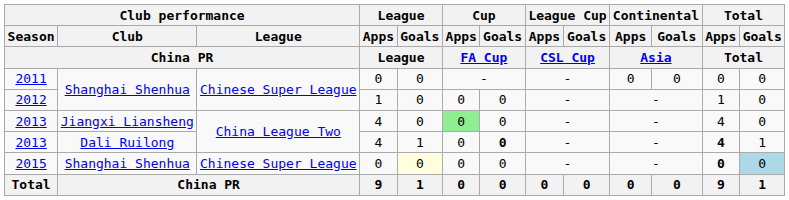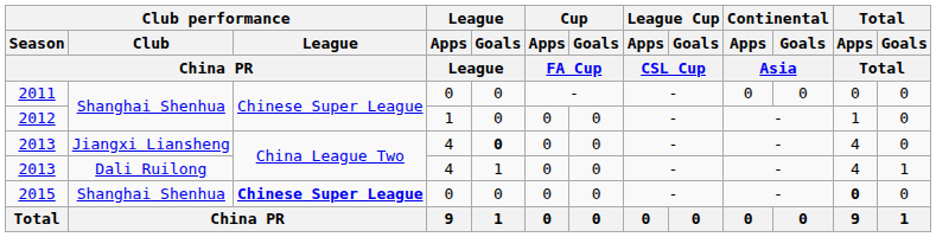 <table class="wikitable" style="text-align:center">
 <tr>
 <th colspan=3>Club performance</th>
 <th colspan=2>League</th>
 <th colspan=2>Cup</th>
 <th colspan=2>League Cup</th>
 <th colspan=2>Continental</th>
 <th colspan=2>Total</th>
 </tr>
 <tr>
 <th>Season</th>
 <th>Club</th>
 <th>League</th>
 <th>Apps</th>
 <th>Goals</th>
 <th>Apps</th>
 <th>Goals</th>
 <th>Apps</th>
 <th>Goals</th>
 <th>Apps</th>
 <th>Goals</th>
 <th>Apps</th>
 <th>Goals</th>
 </tr>
 <tr>
 </tr>
 <tr>
 <th colspan=3>China PR</th>
 <th colspan=2>League</th>
 <th colspan=2><a href='#'>FA Cup</a></th>
 <th colspan=2><a href='#'>CSL Cup</a></th>
 <th colspan=2><a href='#'>Asia</a></th>
 <th colspan=2>Total</th>
 </tr>
 <tr>
 <td><a href='#'>2011</a></td>
 <td rowspan="2"><a href='#'>Shanghai Shenhua</a></td>
 <td rowspan="2"><a href='#'>Chinese Super League</a></td>
 <td>0</td>
 <td>0</td>
 <td colspan="2">-</td>
 <td colspan="2">-</td>
 <td>0</td>
 <td>0</td>
 <td>0</td>
 <td>0</td>
 </tr>
 <tr>
 <td><a href='#'>2012</a></td>
 <td>1</td>
 <td>0</td>
 <td>0</td>
 <td>0</td>
 <td colspan="2">-</td>
 <td colspan="2">-</td>
 <td>1</td>
 <td>0</td>
 </tr>
 <tr>
 <td><a href='#'>2013</a></td>
 <td><a href='#'>Jiangxi Liansheng</a></td>
 <td rowspan="2"><a href='#'>China League Two</a></td>
 <td>4</td>
+<td><strong>0</strong></td>
 <td>0</td>
-<td style="background: lightgreen;">0</td>
 <td>0</td>
 <td colspan="2">-</td>
 <td colspan="2">-</td>
 <td>4</td>
 <td>0</td>
 </tr>
 <tr>
 <td><a href='#'>2013</a></td>
 <td><a href='#'>Dali Ruilong</a></td>
 <td>4</td>
 <td>1</td>
 <td>0</td>
-<td><strong>0</strong></td>
+<td>0</td>
 <td colspan="2">-</td>
 <td colspan="2">-</td>
-<td><strong>4</strong></td>
+<td>4</td>
 <td>1</td>
 </tr>
 <tr>
 <td><a href='#'>2015</a></td>
 <td rowspan="1"><a href='#'>Shanghai Shenhua</a></td>
-<td rowspan="1"><a href='#'>Chinese Super League</a></td>
+<td rowspan="1"><strong><a href='#'>Chinese Super League</a></strong></td>
 <td>0</td>
-<td style="background: lightyellow;">0</td>
+<td>0</td>
 <td>0</td>
 <td>0</td>
 <td colspan="2">-</td>
 <td colspan="2">-</td>
 <td><strong>0</strong></td>
-<td style="background: lightblue;">0</td>
+<td>0</td>
 </tr>
 <tr>
 <th>Total</th>
 <th colspan=2>China PR</th>
 <th>9</th>
 <th>1</th>
 <th>0</th>
 <th>0</th>
 <th>0</th>
 <th>0</th>
 <th>0</th>
 <th>0</th>
 <th>9</th>
 <th>1</th>
 </tr>
 </table>
